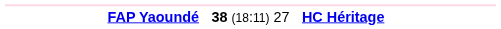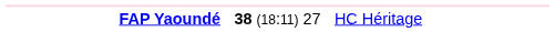 <table style="text-align:center" width=550>
 <tr>
 <th width=30%></th>
 <th width=15%></th>
 <th width=30%></th>
 </tr>
 <tr align="left" bgcolor=#ffd4e4>
 <td colspan=4></td>
 </tr>
 <tr>
 <td align="right"><strong><a href='#'>FAP Yaoundé</a></strong> </td>
 <td><strong>38</strong> <small>(18</small>:<small>11)</small> 27</td>
-<td align=left><strong> <a href='#'>HC Héritage</a></strong></td>
+<td align=left> <a href='#'>HC Héritage</a></td>
 </tr>
 </table>
